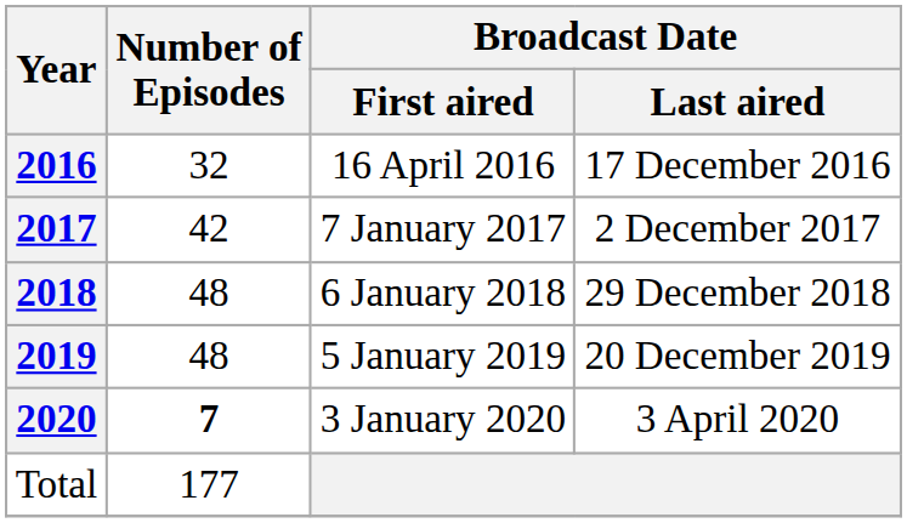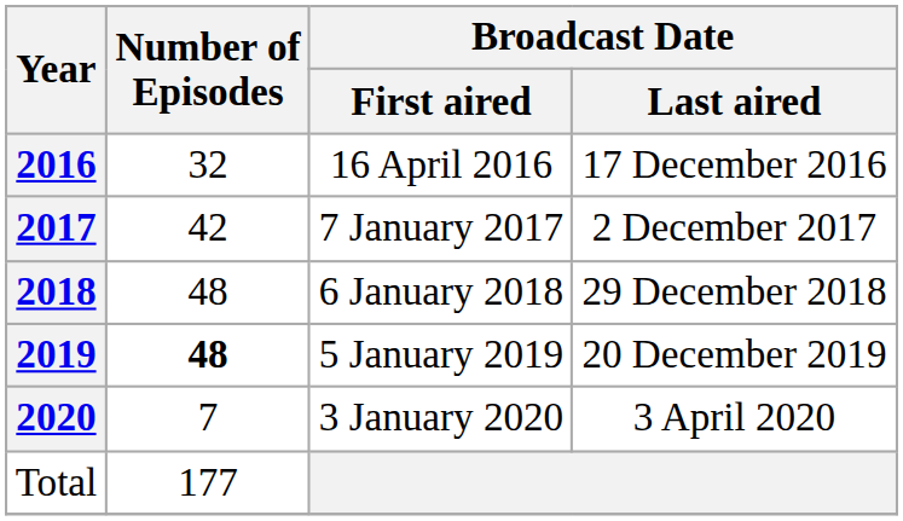 <table class=wikitable style=text-align:center;background:#ffffff>
 <tr>
 <th rowspan=2>Year</th>
 <th rowspan=2>Number of<br>Episodes</th>
 <th colspan=2>Broadcast Date</th>
 </tr>
 <tr>
 <th>First aired</th>
 <th>Last aired</th>
 </tr>
 <tr>
 <th><a href='#'>2016</a></th>
 <td>32</td>
 <td>16 April 2016</td>
 <td>17 December 2016</td>
 </tr>
 <tr>
 <th><a href='#'>2017</a></th>
 <td>42</td>
 <td>7 January 2017</td>
 <td>2 December 2017</td>
 </tr>
 <tr>
 <th><a href='#'>2018</a></th>
 <td>48</td>
 <td>6 January 2018</td>
 <td>29 December 2018</td>
 </tr>
 <tr>
 <th><a href='#'>2019</a></th>
-<td>48</td>
+<td><strong>48</strong></td>
 <td>5 January 2019</td>
 <td>20 December 2019</td>
 </tr>
 <tr>
 <th><a href='#'>2020</a></th>
-<td><strong>7</strong></td>
+<td>7</td>
 <td>3 January 2020</td>
 <td>3 April 2020</td>
 </tr>
 <tr>
 <td>Total</td>
 <td>177</td>
 <th colspan=2></th>
 </tr>
 <tr>
 </tr>
 </table>
